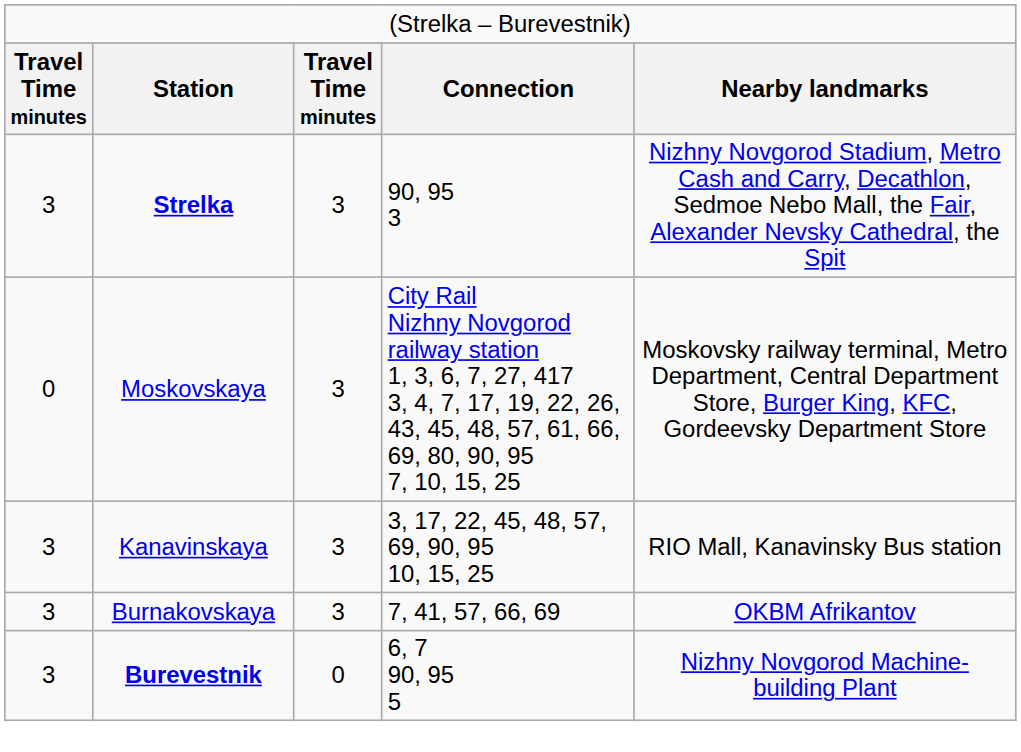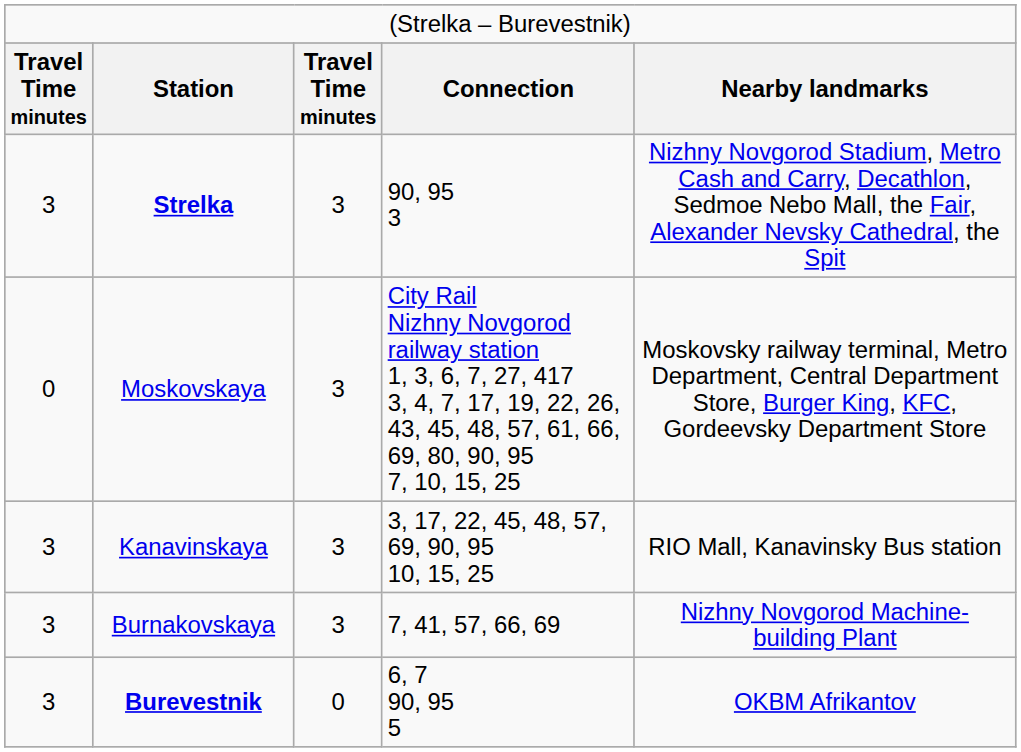 <table class=wikitable style="font-size: 90%; text-align:center">
 <tr>
 <td colspan="5" style="background-color:#"><span>  (Strelka – Burevestnik)</span></td>
 </tr>
 <tr>
 <th width="5%">Travel Time<br><small>minutes</small></th>
 <th width="20%">Station</th>
 <th width="5%">Travel Time<br><small>minutes</small></th>
 <th width="25%">Connection</th>
 <th>Nearby landmarks</th>
 </tr>
 <tr>
 <td>3</td>
 <td><strong><a href='#'>Strelka</a></strong></td>
 <td>3</td>
 <td align=left> 90, 95<br> 3</td>
 <td><a href='#'>Nizhny Novgorod Stadium</a>, <a href='#'>Metro Cash and Carry</a>, <a href='#'>Decathlon</a>, Sedmoe Nebo Mall, the <a href='#'>Fair</a>, <a href='#'>Alexander Nevsky Cathedral</a>, the <a href='#'>Spit</a></td>
 </tr>
 <tr>
 <td>0</td>
 <td><a href='#'>Moskovskaya</a></td>
 <td>3</td>
 <td align=left>  <a href='#'>City Rail</a><br> <a href='#'>Nizhny Novgorod railway station</a><br> 1, 3, 6, 7, 27, 417<br> 3, 4, 7, 17, 19, 22, 26, 43, 45, 48, 57, 61, 66, 69, 80, 90, 95<br> 7, 10, 15, 25</td>
 <td>Moskovsky railway terminal, Metro Department, Central Department Store, <a href='#'>Burger King</a>, <a href='#'>KFC</a>, Gordeevsky Department Store</td>
 </tr>
 <tr>
 <td>3</td>
 <td><a href='#'>Kanavinskaya</a></td>
 <td>3</td>
 <td align=left> 3, 17, 22, 45, 48, 57, 69, 90, 95<br> 10, 15, 25</td>
 <td>RIO Mall, Kanavinsky Bus station</td>
 </tr>
 <tr>
 <td>3</td>
 <td><a href='#'>Burnakovskaya</a></td>
 <td>3</td>
 <td align=left> 7, 41, 57, 66, 69</td>
-<td><a href='#'>OKBM Afrikantov</a></td>
+<td><a href='#'>Nizhny Novgorod Machine-building Plant</a></td>
 </tr>
 <tr>
 <td>3</td>
 <td><strong><a href='#'>Burevestnik</a></strong></td>
 <td>0</td>
 <td align=left> 6, 7<br> 90, 95<br> 5</td>
-<td><a href='#'>Nizhny Novgorod Machine-building Plant</a></td>
+<td><a href='#'>OKBM Afrikantov</a></td>
 </tr>
 </table>
